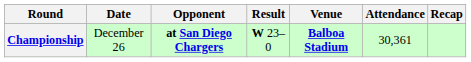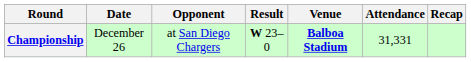 <table class="wikitable" style="text-align:center">
 <tr>
 <th>Round</th>
 <th>Date</th>
 <th>Opponent</th>
 <th>Result</th>
 <th>Venue</th>
 <th>Attendance</th>
 <th>Recap</th>
 </tr>
 <tr style="background:#cfc">
 <th><a href='#'>Championship</a></th>
 <td>December 26</td>
-<td><strong>at <a href='#'>San Diego Chargers</a></strong></td>
+<td>at <a href='#'>San Diego Chargers</a></td>
 <td><strong>W</strong> 23–0</td>
 <td><strong><a href='#'>Balboa Stadium</a></strong></td>
-<td>30,361</td>
+<td>31,331</td>
 <td></td>
 </tr>
 </table>
